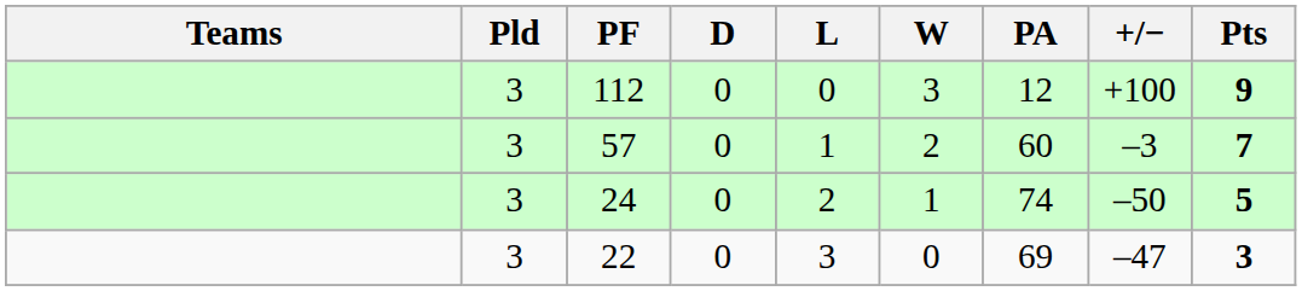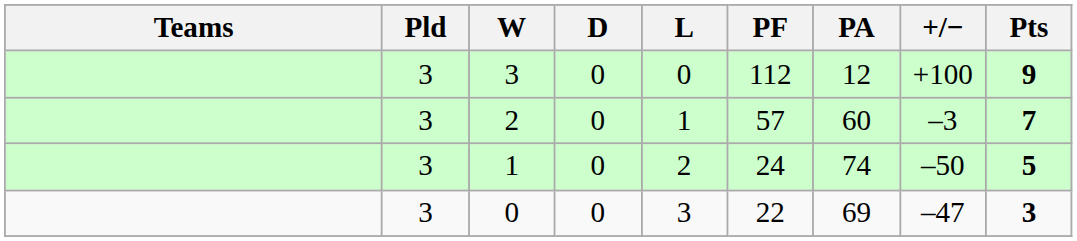 <table class="wikitable" style="text-align: center;">
 <tr>
 <th width="200">Teams</th>
 <th width="40">Pld</th>
-<th width="40">PF</th>
+<th width="40">W</th>
 <th width="40">D</th>
 <th width="40">L</th>
-<th width="40">W</th>
+<th width="40">PF</th>
 <th width="40">PA</th>
 <th width="40">+/−</th>
 <th width="40">Pts</th>
 </tr>
 <tr style="background:#cfc; width:20px;">
 <td align=left></td>
 <td>3</td>
-<td>112</td>
+<td>3</td>
 <td>0</td>
 <td>0</td>
-<td>3</td>
+<td>112</td>
 <td>12</td>
 <td>+100</td>
 <td><strong>9</strong></td>
 </tr>
 <tr style="background:#cfc; width:20px;">
 <td align=left></td>
 <td>3</td>
-<td>57</td>
+<td>2</td>
 <td>0</td>
 <td>1</td>
-<td>2</td>
+<td>57</td>
 <td>60</td>
 <td>–3</td>
 <td><strong>7</strong></td>
 </tr>
 <tr style="background:#cfc; width:20px;">
 <td align=left></td>
 <td>3</td>
-<td>24</td>
+<td>1</td>
 <td>0</td>
 <td>2</td>
-<td>1</td>
+<td>24</td>
 <td>74</td>
 <td>–50</td>
 <td><strong>5</strong></td>
 </tr>
 <tr>
 <td align=left></td>
 <td>3</td>
-<td>22</td>
+<td>0</td>
 <td>0</td>
 <td>3</td>
-<td>0</td>
+<td>22</td>
 <td>69</td>
 <td>–47</td>
 <td><strong>3</strong></td>
 </tr>
 </table>
